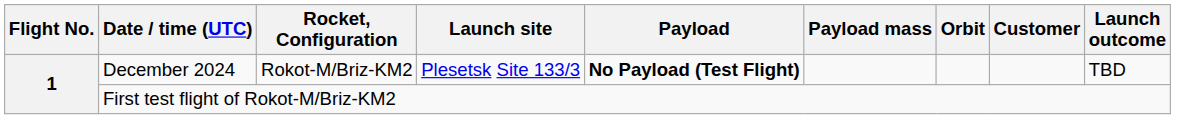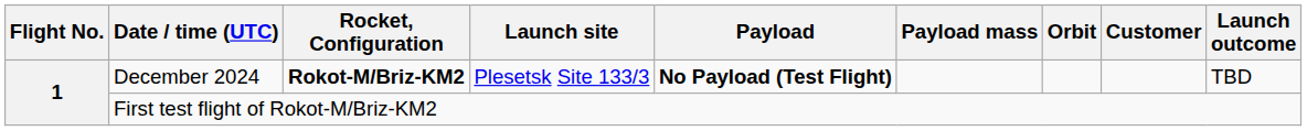 <table class="wikitable plainrowheaders">
 <tr>
 <th scope="col">Flight No.</th>
 <th scope="col">Date / time (<a href='#'>UTC</a>)</th>
 <th scope="col">Rocket, <br> Configuration</th>
 <th scope="col">Launch site</th>
 <th scope="col">Payload</th>
 <th scope="col">Payload mass</th>
 <th scope="col">Orbit</th>
 <th scope="col">Customer</th>
 <th scope="col">Launch <br> outcome</th>
 </tr>
 <tr>
 <th scope="row" rowspan=2 style="text-align:center;">1</th>
 <td data-sort-value="December 2024"> December 2024 </td>
-<td>Rokot-M/Briz-KM2</td>
+<td><strong>Rokot-M/Briz-KM2</strong></td>
 <td><a href='#'>Plesetsk</a> <a href='#'>Site 133/3</a></td>
 <td><strong>No Payload (Test Flight)</strong></td>
 <td></td>
 <td></td>
 <td></td>
 <td>TBD</td>
 </tr>
 <tr>
 <td colspan="8">First test flight of Rokot-M/Briz-KM2</td>
 </tr>
 </table>
